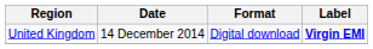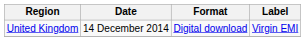 <table class=wikitable>
 <tr>
 <th>Region</th>
 <th>Date</th>
 <th>Format</th>
 <th>Label</th>
 </tr>
 <tr>
 <td><a href='#'>United Kingdom</a></td>
 <td>14 December 2014</td>
 <td><a href='#'>Digital download</a></td>
-<td><strong><a href='#'>Virgin EMI</a></strong></td>
+<td><a href='#'>Virgin EMI</a></td>
 </tr>
 <tr>
 </tr>
 </table>
